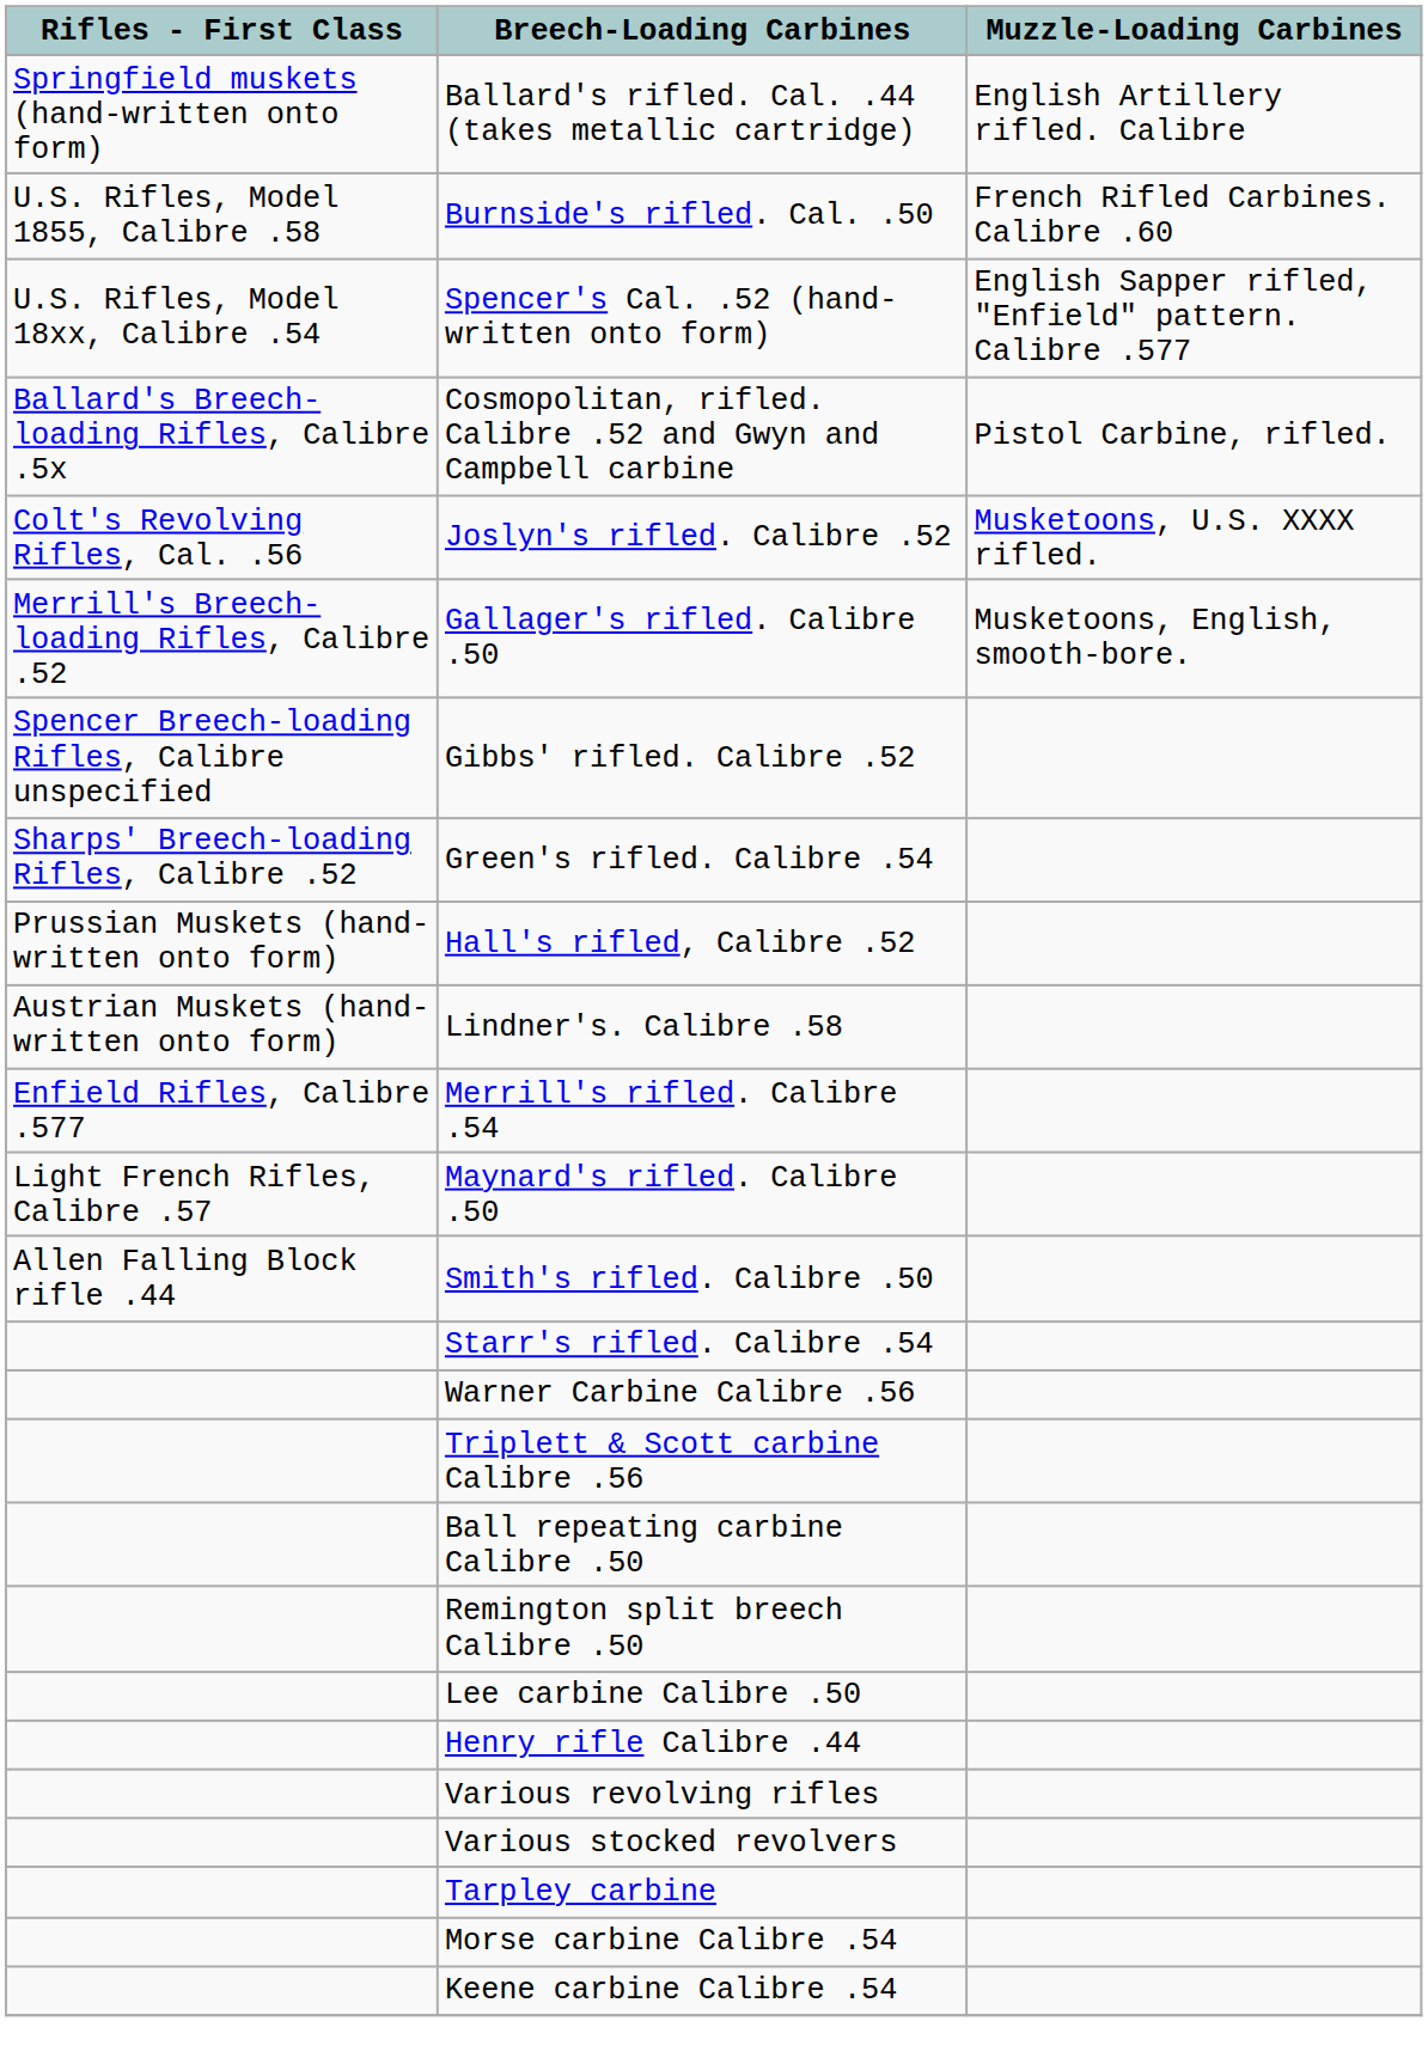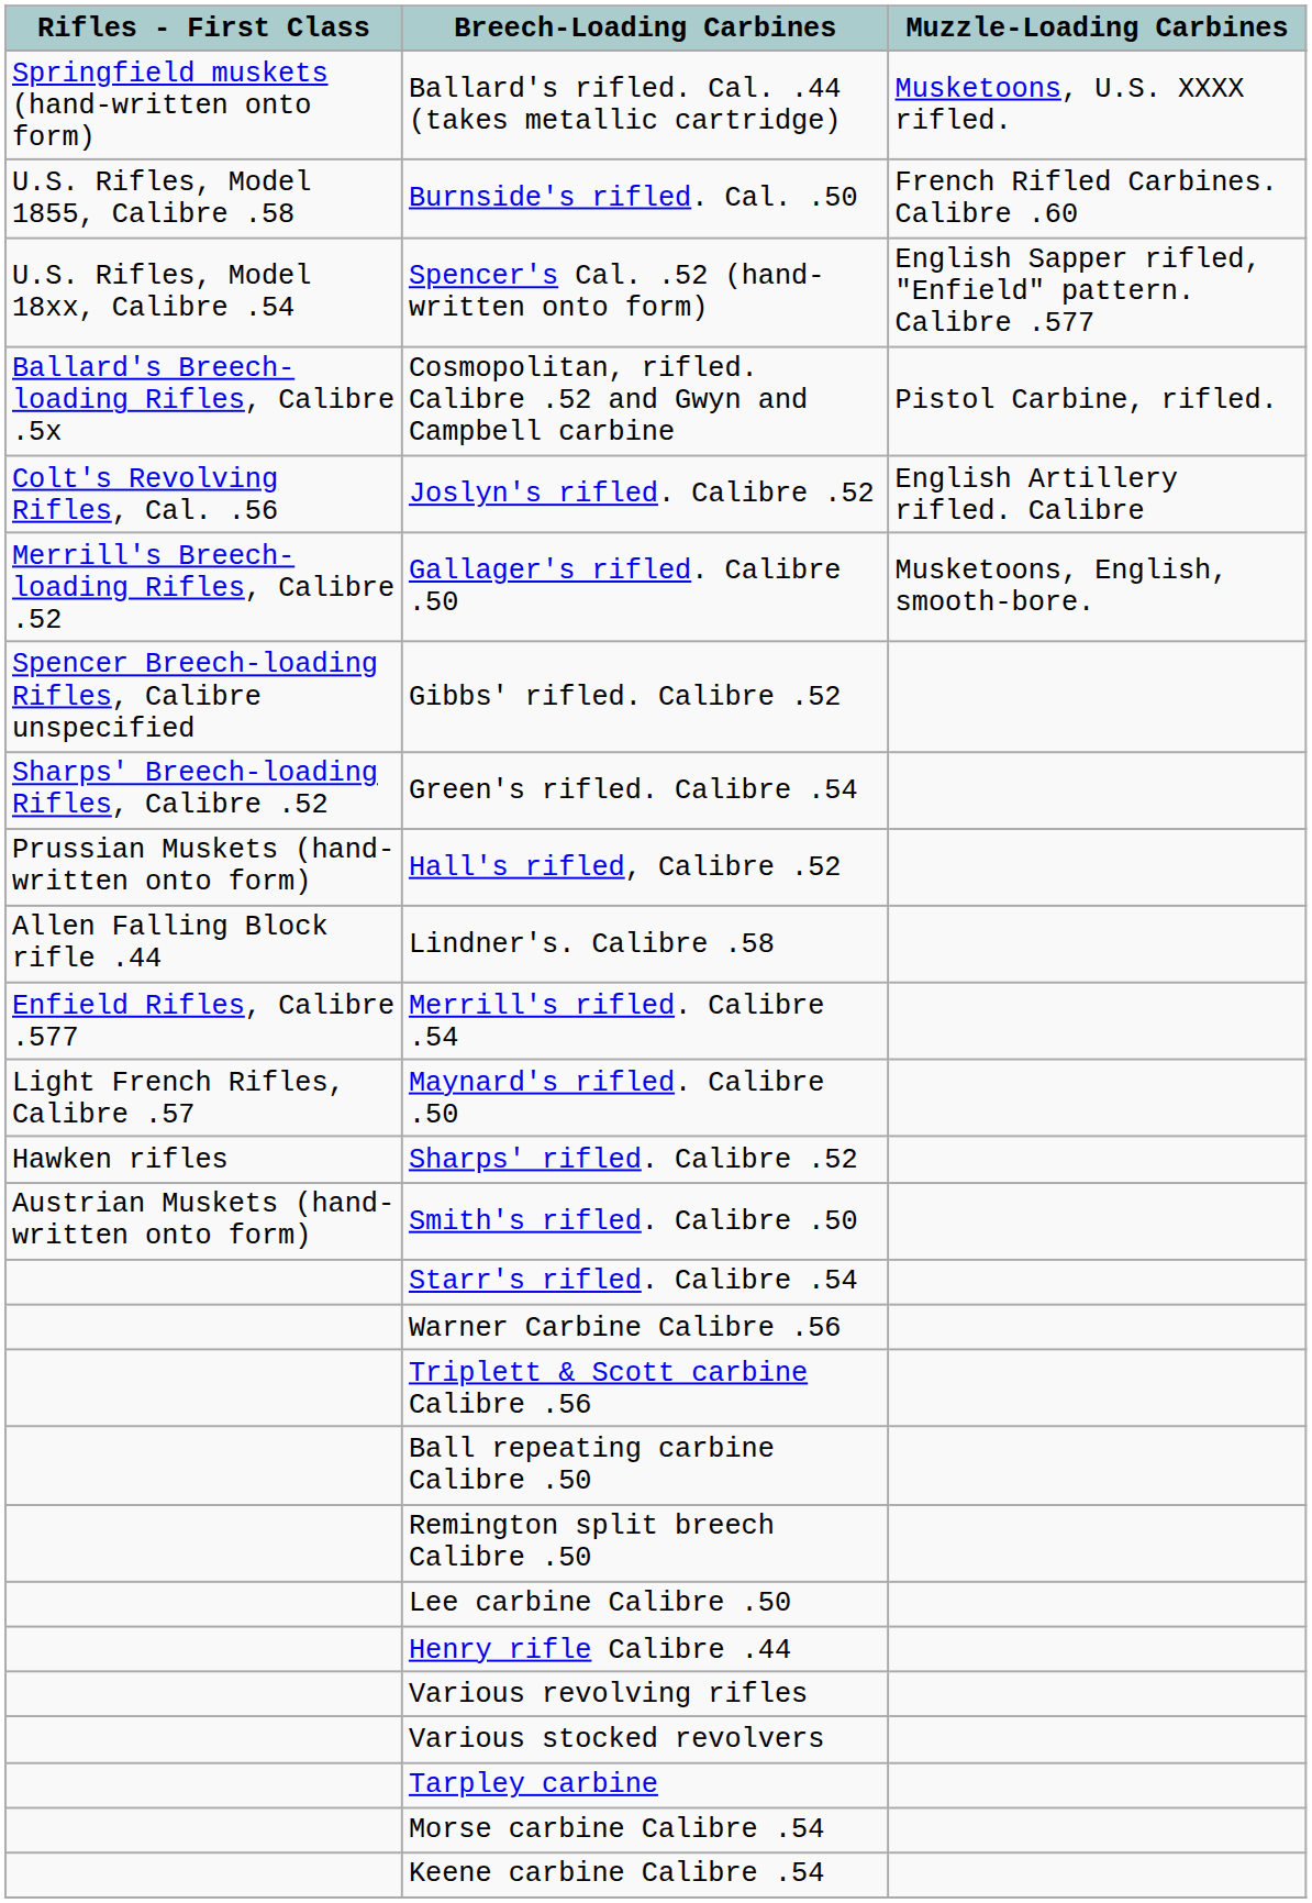 <table class="wikitable" style="display: inline-table;">
 <tr>
 <th style="text-align:center; background:#acc;">Rifles - First Class</th>
 <th style="text-align: center; background:#acc;">Breech-Loading Carbines</th>
 <th style="text-align:l center; background:#acc;">Muzzle-Loading Carbines</th>
 </tr>
 <tr>
 </tr>
 <tr>
 <td><a href='#'>Springfield muskets</a> (hand-written onto form)</td>
 <td>Ballard's rifled.  Cal. .44 (takes metallic cartridge)</td>
-<td>English Artillery rifled. Calibre</td>
+<td><a href='#'>Musketoons</a>, U.S. XXXX rifled.</td>
 </tr>
 <tr>
 <td>U.S. Rifles, Model 1855, Calibre .58</td>
 <td><a href='#'>Burnside's rifled</a>. Cal. .50</td>
 <td>French Rifled Carbines. Calibre .60</td>
 </tr>
 <tr>
 <td>U.S. Rifles, Model 18xx, Calibre .54</td>
 <td><a href='#'>Spencer's</a> Cal. .52 (hand-written onto form)</td>
 <td>English Sapper rifled, "Enfield" pattern.  Calibre .577</td>
 </tr>
 <tr>
 <td><a href='#'>Ballard's Breech-loading Rifles</a>, Calibre .5x</td>
 <td>Cosmopolitan, rifled. Calibre .52 and Gwyn and Campbell carbine</td>
 <td>Pistol Carbine, rifled.</td>
 </tr>
 <tr>
 <td><a href='#'>Colt's Revolving Rifles</a>, Cal. .56</td>
 <td><a href='#'>Joslyn's rifled</a>. Calibre .52</td>
-<td><a href='#'>Musketoons</a>, U.S. XXXX rifled.</td>
+<td>English Artillery rifled. Calibre</td>
 </tr>
 <tr>
 <td><a href='#'>Merrill's Breech-loading Rifles</a>, Calibre .52</td>
 <td><a href='#'>Gallager's rifled</a>. Calibre .50</td>
 <td>Musketoons, English, smooth-bore.</td>
 </tr>
 <tr>
 <td><a href='#'>Spencer Breech-loading Rifles</a>, Calibre unspecified</td>
 <td>Gibbs' rifled. Calibre .52</td>
 <td></td>
 </tr>
 <tr>
 <td><a href='#'>Sharps' Breech-loading Rifles</a>, Calibre .52</td>
 <td>Green's rifled. Calibre .54</td>
 <td></td>
 </tr>
 <tr>
 <td>Prussian Muskets (hand-written onto form)</td>
 <td><a href='#'>Hall's rifled</a>, Calibre .52</td>
 <td></td>
 </tr>
 <tr>
-<td>Austrian Muskets (hand-written onto form)</td>
+<td>Allen Falling Block rifle .44</td>
 <td>Lindner's. Calibre .58</td>
 <td></td>
 </tr>
 <tr>
 <td><a href='#'>Enfield Rifles</a>, Calibre .577</td>
 <td><a href='#'>Merrill's rifled</a>. Calibre .54</td>
 <td></td>
 </tr>
 <tr>
 <td>Light French Rifles, Calibre .57</td>
 <td><a href='#'>Maynard's rifled</a>. Calibre .50</td>
 <td></td>
 </tr>
 <tr>
-<td>Allen Falling Block rifle .44</td>
+<td>Hawken rifles</td>
+<td><a href='#'>Sharps' rifled</a>. Calibre .52</td>
+<td></td>
+</tr>
+<tr>
+<td>Austrian Muskets (hand-written onto form)</td>
 <td><a href='#'>Smith's rifled</a>. Calibre .50</td>
 <td></td>
 </tr>
 <tr>
 <td></td>
 <td><a href='#'>Starr's rifled</a>. Calibre .54</td>
 <td></td>
 </tr>
 <tr>
 <td></td>
 <td>Warner Carbine Calibre .56</td>
 <td></td>
 </tr>
 <tr>
 <td></td>
 <td><a href='#'>Triplett & Scott carbine</a> Calibre .56</td>
 <td></td>
 </tr>
 <tr>
 <td></td>
 <td>Ball repeating carbine Calibre .50</td>
 <td></td>
 </tr>
 <tr>
 <td></td>
 <td>Remington split breech Calibre .50</td>
 <td></td>
 </tr>
 <tr>
 <td></td>
 <td>Lee carbine Calibre .50</td>
 <td></td>
 </tr>
 <tr>
 <td></td>
 <td><a href='#'>Henry rifle</a> Calibre .44</td>
 <td></td>
 </tr>
 <tr>
 <td></td>
 <td>Various revolving rifles</td>
 <td></td>
 </tr>
 <tr>
 <td></td>
 <td>Various stocked revolvers</td>
 <td></td>
 </tr>
 <tr>
 <td></td>
 <td><a href='#'>Tarpley carbine</a></td>
 <td></td>
 </tr>
 <tr>
 <td></td>
 <td>Morse carbine Calibre .54</td>
 <td></td>
 </tr>
 <tr>
 <td></td>
 <td>Keene carbine Calibre .54</td>
 <td></td>
 </tr>
 <tr>
 </tr>
 </table>
